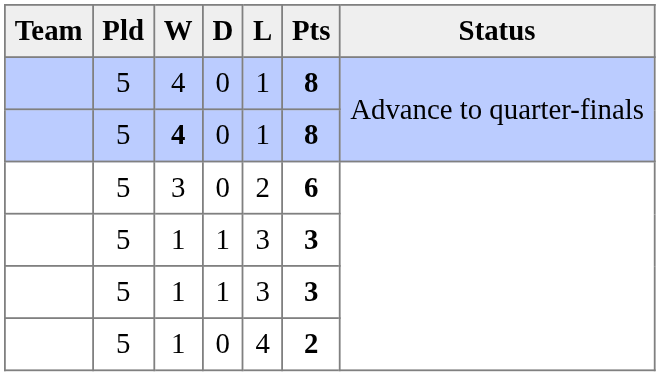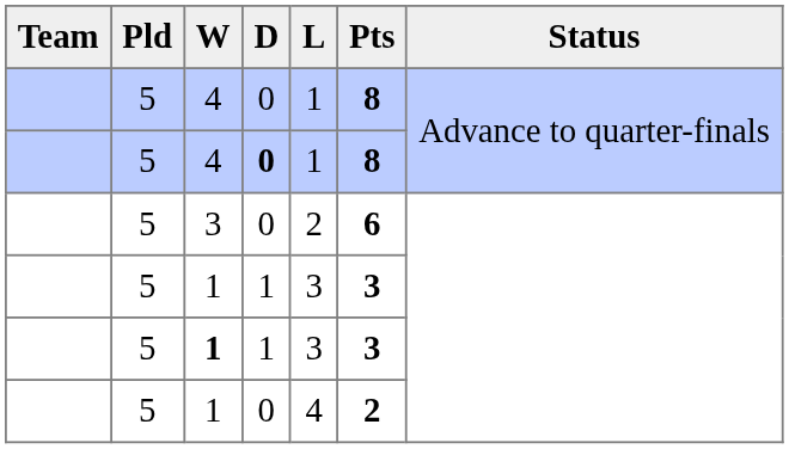 <table style=border-collapse:collapse border=1 cellspacing=0 cellpadding=5>
 <tr align=center bgcolor=#efefef>
 <th>Team</th>
 <th>Pld</th>
 <th>W</th>
 <th>D</th>
 <th>L</th>
 <th>Pts</th>
 <th>Status</th>
 </tr>
 <tr align=center style="background:#bbccff;">
 <td style="text-align:left;"> </td>
 <td>5</td>
 <td>4</td>
 <td>0</td>
 <td>1</td>
 <td><strong>8</strong></td>
 <td rowspan=2>Advance to quarter-finals</td>
 </tr>
 <tr align=center style="background:#bbccff;">
 <td style="text-align:left;"> </td>
 <td>5</td>
-<td><strong>4</strong></td>
-<td>0</td>
+<td>4</td>
+<td><strong>0</strong></td>
 <td>1</td>
 <td><strong>8</strong></td>
 </tr>
 <tr align=center style="background:#FFFFFF;">
 <td style="text-align:left;"> </td>
 <td>5</td>
 <td>3</td>
 <td>0</td>
 <td>2</td>
 <td><strong>6</strong></td>
 <td rowspan=4></td>
 </tr>
 <tr align=center style="background:#FFFFFF;">
 <td style="text-align:left;"> </td>
 <td>5</td>
 <td>1</td>
 <td>1</td>
 <td>3</td>
 <td><strong>3</strong></td>
 </tr>
 <tr align=center style="background:#FFFFFF;">
 <td style="text-align:left;"> </td>
 <td>5</td>
-<td>1</td>
+<td><strong>1</strong></td>
 <td>1</td>
 <td>3</td>
 <td><strong>3</strong></td>
 </tr>
 <tr align=center style="background:#FFFFFF;">
 <td style="text-align:left;"> </td>
 <td>5</td>
 <td>1</td>
 <td>0</td>
 <td>4</td>
 <td><strong>2</strong></td>
 </tr>
 </table>
